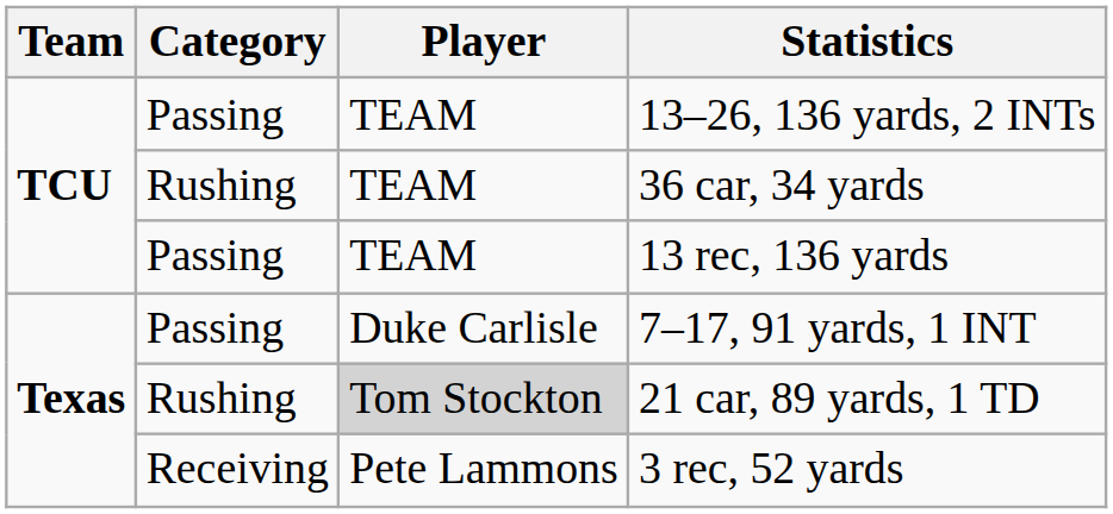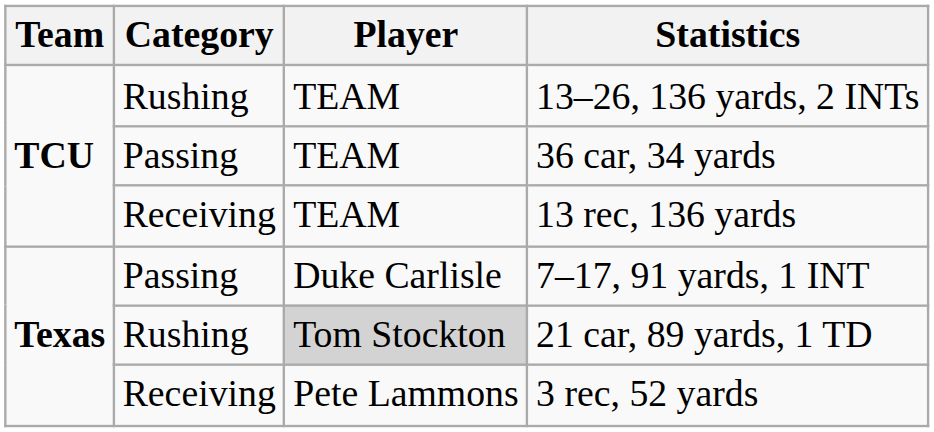 <table class="wikitable" style="float: right;">
 <tr>
 <th>Team</th>
 <th>Category</th>
 <th>Player</th>
 <th>Statistics</th>
 </tr>
 <tr>
 <td rowspan=3><strong>TCU</strong></td>
-<td>Passing</td>
+<td>Rushing</td>
 <td>TEAM</td>
 <td>13–26, 136 yards, 2 INTs</td>
 </tr>
 <tr>
-<td>Rushing</td>
+<td>Passing</td>
 <td>TEAM</td>
 <td>36 car, 34 yards</td>
 </tr>
 <tr>
-<td>Passing</td>
+<td>Receiving</td>
 <td>TEAM</td>
 <td>13 rec, 136 yards</td>
 </tr>
 <tr>
 <td rowspan=3><strong>Texas</strong></td>
 <td>Passing</td>
 <td>Duke Carlisle</td>
 <td>7–17, 91 yards, 1 INT</td>
 </tr>
 <tr>
 <td>Rushing</td>
 <td style="background: lightgrey;">Tom Stockton</td>
 <td>21 car, 89 yards, 1 TD</td>
 </tr>
 <tr>
 <td>Receiving</td>
 <td>Pete Lammons</td>
 <td>3 rec, 52 yards</td>
 </tr>
 </table>
